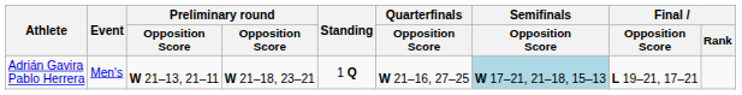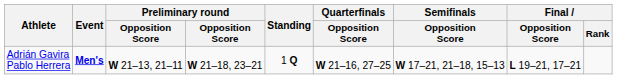 <table class=wikitable style="font-size:90%">
 <tr>
 <th rowspan=2>Athlete</th>
 <th rowspan=2>Event</th>
 <th colspan=2>Preliminary round</th>
 <th rowspan=2>Standing</th>
 <th>Quarterfinals</th>
 <th>Semifinals</th>
 <th colspan=2>Final / </th>
 </tr>
 <tr style="font-size:95%">
 <th>Opposition<br>Score</th>
 <th>Opposition<br>Score</th>
 <th>Opposition<br>Score</th>
 <th>Opposition<br>Score</th>
 <th>Opposition<br>Score</th>
 <th>Rank</th>
 </tr>
 <tr align=center>
 <td align=left><a href='#'>Adrián Gavira</a><br><a href='#'>Pablo Herrera</a></td>
-<td align=left><a href='#'>Men's</a></td>
+<td align=left><strong><a href='#'>Men's</a></strong></td>
 <td><br><strong>W</strong> 21–13, 21–11</td>
 <td><br><strong>W</strong> 21–18, 23–21</td>
 <td>1 <strong>Q</strong></td>
 <td><br><strong>W</strong> 21–16, 27–25</td>
-<td style="background: lightblue;"><br><strong>W</strong> 17–21, 21–18, 15–13</td>
+<td><br><strong>W</strong> 17–21, 21–18, 15–13</td>
 <td><br><strong>L</strong> 19–21, 17–21</td>
 <td></td>
 </tr>
 </table>
